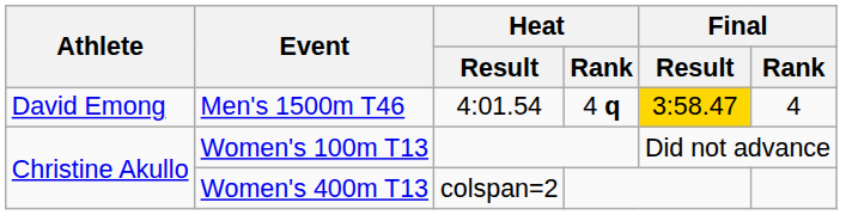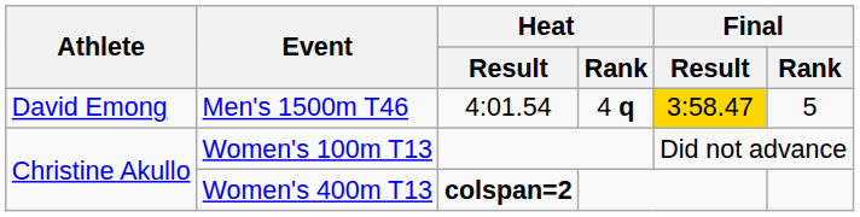 <table class="wikitable" style="font-size:90%">
 <tr>
 <th rowspan="2">Athlete</th>
 <th rowspan="2">Event</th>
 <th colspan="2">Heat</th>
 <th colspan="2">Final</th>
 </tr>
 <tr>
 <th>Result</th>
 <th>Rank</th>
 <th>Result</th>
 <th>Rank</th>
 </tr>
 <tr align=center>
 <td align=left><a href='#'>David Emong</a></td>
 <td align=left><a href='#'>Men's 1500m T46</a></td>
 <td>4:01.54</td>
 <td>4 <strong>q</strong></td>
 <td style="background: gold;">3:58.47</td>
-<td>4</td>
+<td>5</td>
 </tr>
 <tr align=center>
 <td align=left rowspan=2><a href='#'>Christine Akullo</a></td>
 <td align=left><a href='#'>Women's 100m T13</a></td>
 <td colspan=2></td>
 <td colspan=2>Did not advance</td>
 </tr>
 <tr align=center>
 <td align=left><a href='#'>Women's 400m T13</a></td>
-<td>colspan=2 </td>
+<td><strong>colspan=2 </strong></td>
 <td colspan=2></td>
 </tr>
 </table>
